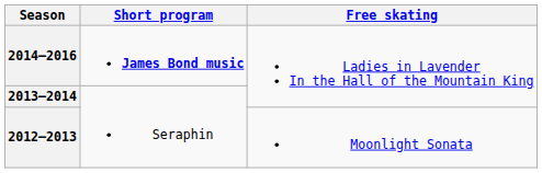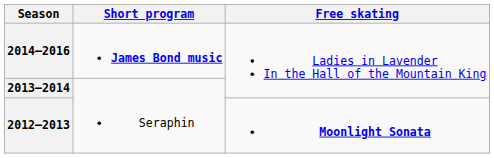 <table class=wikitable style=text-align:center>
 <tr>
 <th>Season</th>
 <th><a href='#'>Short program</a></th>
 <th><a href='#'>Free skating</a></th>
 </tr>
 <tr>
 <th>2014–2016 <br> </th>
 <td><strong><br><ul><li><a href='#'>James Bond music</a></li></ul></strong></td>
 <td rowspan=2><br><ul><li><a href='#'>Ladies in Lavender</a> <br></li><li><a href='#'>In the Hall of the Mountain King</a> <br></li></ul></td>
 </tr>
 <tr>
 <th>2013–2014 <br> </th>
 <td rowspan=2><br><ul><li>Seraphin</li></ul></td>
 </tr>
 <tr>
 <th>2012–2013 <br> </th>
-<td><br><ul><li><a href='#'>Moonlight Sonata</a> <br></li></ul></td>
+<td><strong><br><ul><li><a href='#'>Moonlight Sonata</a> <br></li></ul></strong></td>
 </tr>
 </table>
